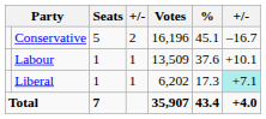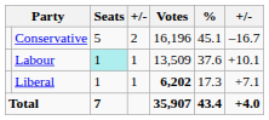 <table class="wikitable sortable">
 <tr>
 <th colspan="2">Party</th>
 <th>Seats</th>
 <th>+/-</th>
 <th>Votes</th>
 <th>%</th>
 <th>+/-</th>
 </tr>
 <tr>
 <td style="background-color: "></td>
 <td><a href='#'>Conservative</a></td>
 <td>5</td>
 <td> 2</td>
 <td style="text-align:right;">16,196</td>
 <td style="text-align:right;">45.1</td>
 <td style="text-align:right;">–16.7</td>
 </tr>
 <tr>
 <td style="background-color: "></td>
 <td><a href='#'>Labour</a></td>
-<td>1</td>
+<td style="background: paleturquoise;">1</td>
 <td> 1</td>
 <td style="text-align:right;">13,509</td>
 <td style="text-align:right;">37.6</td>
 <td style="text-align:right;">+10.1</td>
 </tr>
 <tr>
 <td style="background-color: "></td>
 <td><a href='#'>Liberal</a></td>
 <td>1</td>
 <td> 1</td>
-<td style="text-align:right;">6,202</td>
+<td style="text-align:right;"><strong>6,202</strong></td>
 <td style="text-align:right;">17.3</td>
-<td style="background: paleturquoise; text-align:right;">+7.1</td>
+<td style="text-align:right;">+7.1</td>
 </tr>
 <tr>
 <td colspan="2"><strong>Total</strong></td>
 <td><strong>7</strong></td>
 <td></td>
 <td style="text-align:right;"><strong>35,907</strong></td>
 <td style="text-align:right;"><strong>43.4</strong></td>
 <td style="text-align:right;"><strong>+4.0</strong></td>
 </tr>
 </table>
